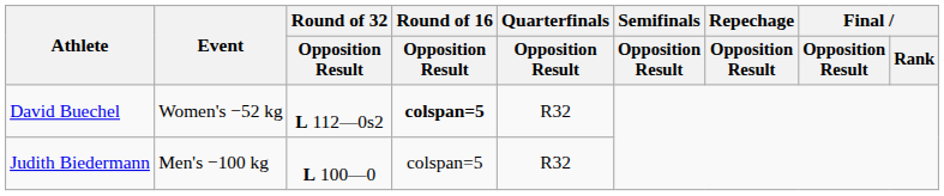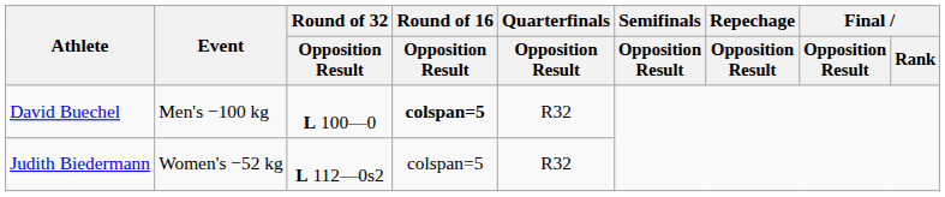 <table class="wikitable" style="font-size:90%">
 <tr>
 <th rowspan="2">Athlete</th>
 <th rowspan="2">Event</th>
 <th>Round of 32</th>
 <th>Round of 16</th>
 <th>Quarterfinals</th>
 <th>Semifinals</th>
 <th>Repechage</th>
 <th colspan=2>Final / </th>
 </tr>
 <tr style="font-size:95%">
 <th>Opposition<br>Result</th>
 <th>Opposition<br>Result</th>
 <th>Opposition<br>Result</th>
 <th>Opposition<br>Result</th>
 <th>Opposition<br>Result</th>
 <th>Opposition<br>Result</th>
 <th>Rank</th>
 </tr>
 <tr align=center>
 <td align=left><a href='#'>David Buechel</a></td>
-<td align=left>Women's −52 kg</td>
-<td> <br><strong>L</strong> 112—0s2</td>
+<td align=left>Men's −100 kg</td>
+<td> <br><strong>L</strong> 100—0</td>
 <td><strong>colspan=5 </strong></td>
 <td>R32</td>
 </tr>
 <tr align=center>
 <td align=left><a href='#'>Judith Biedermann</a></td>
-<td align=left>Men's −100 kg</td>
-<td> <br><strong>L</strong> 100—0</td>
+<td align=left>Women's −52 kg</td>
+<td> <br><strong>L</strong> 112—0s2</td>
 <td>colspan=5 </td>
 <td>R32</td>
 </tr>
 </table>
